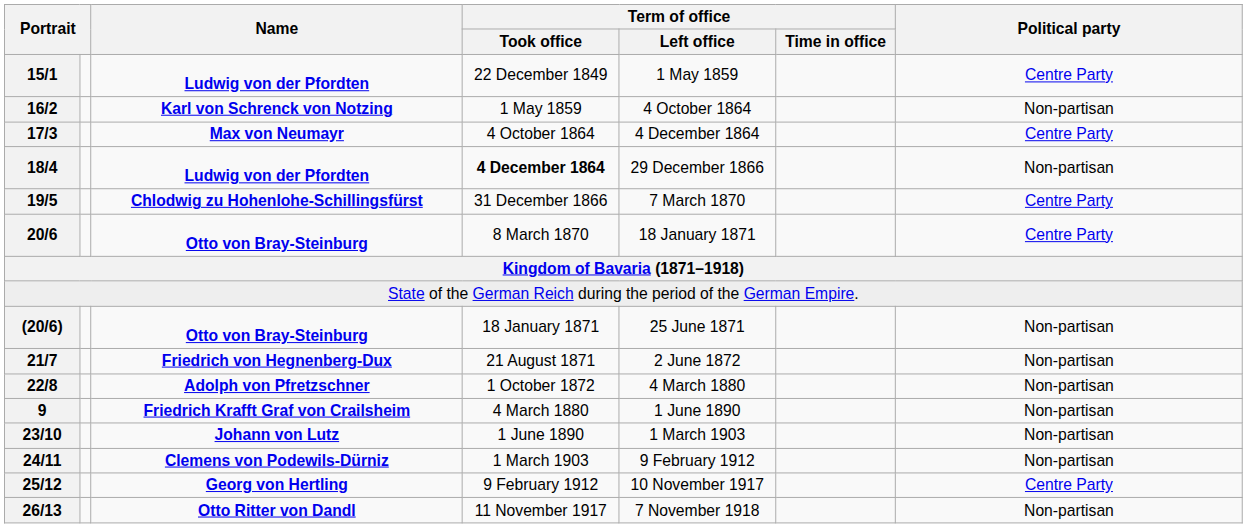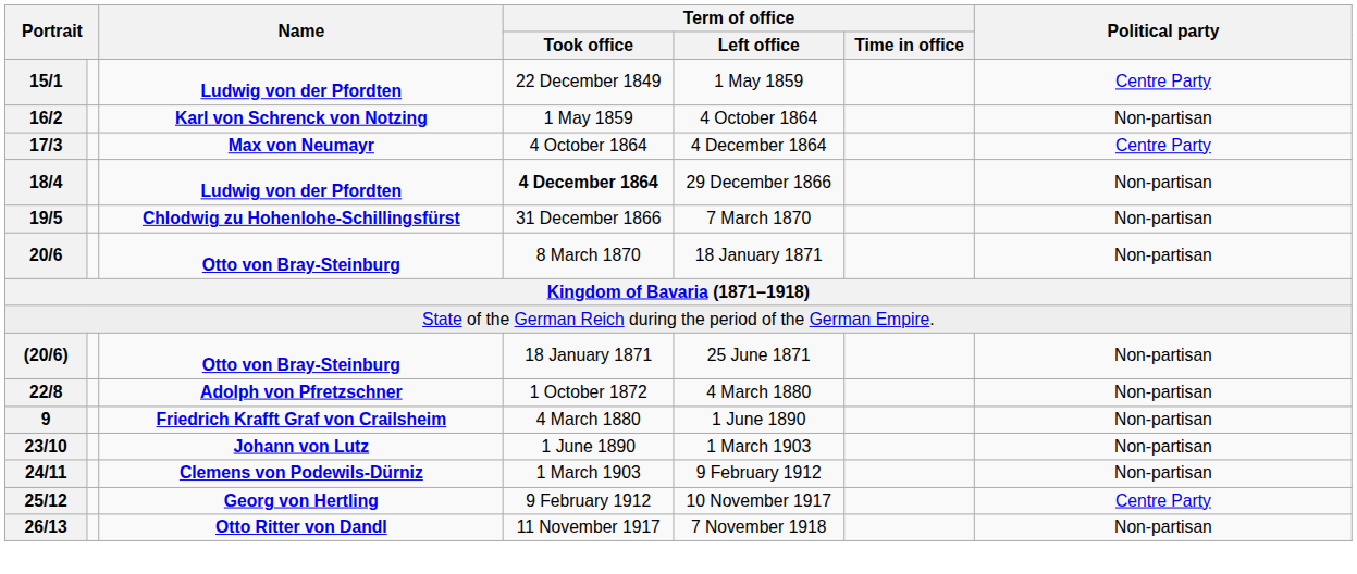 <table class="wikitable" style="text-align:center; width:100%; border:1px #AAAAFF solid">
 <tr>
 <th width=80px rowspan=2 colspan=2>Portrait</th>
 <th width=30% rowspan=2>Name<br></th>
 <th width=35% colspan=3>Term of office</th>
 <th width=28% rowspan=2>Political party</th>
 </tr>
 <tr>
 <th>Took office</th>
 <th>Left office</th>
 <th>Time in office</th>
 </tr>
 <tr>
 <th style="background:">15/1</th>
 <td></td>
 <td><br><strong><a href='#'>Ludwig von der Pfordten</a></strong><br></td>
 <td>22 December 1849</td>
 <td>1 May 1859</td>
 <td></td>
 <td><a href='#'>Centre Party</a></td>
 </tr>
 <tr>
 <th style="background:">16/2</th>
 <td></td>
 <td><strong><a href='#'>Karl von Schrenck von Notzing</a></strong><br></td>
 <td>1 May 1859</td>
 <td>4 October 1864</td>
 <td></td>
 <td>Non-partisan</td>
 </tr>
 <tr>
 <th style="background:">17/3</th>
 <td></td>
 <td><strong><a href='#'>Max von Neumayr</a></strong><br></td>
 <td>4 October 1864</td>
 <td>4 December 1864</td>
 <td></td>
 <td><a href='#'>Centre Party</a></td>
 </tr>
 <tr>
 <th style="background:">18/4</th>
 <td></td>
 <td><br><strong><a href='#'>Ludwig von der Pfordten</a></strong><br></td>
 <td><strong>4 December 1864</strong></td>
 <td>29 December 1866</td>
 <td></td>
 <td>Non-partisan</td>
 </tr>
 <tr>
 <th style="background:">19/5</th>
 <td></td>
 <td><strong><a href='#'>Chlodwig zu Hohenlohe-Schillingsfürst</a></strong><br></td>
 <td>31 December 1866</td>
 <td>7 March 1870</td>
 <td></td>
-<td><a href='#'>Centre Party</a></td>
+<td>Non-partisan</td>
 </tr>
 <tr>
 <th style="background:">20/6</th>
 <td></td>
 <td><br><strong><a href='#'>Otto von Bray-Steinburg</a></strong><br></td>
 <td>8 March 1870</td>
 <td>18 January 1871</td>
 <td></td>
-<td><a href='#'>Centre Party</a></td>
+<td>Non-partisan</td>
 </tr>
 <tr>
 <th colspan="7"><a href='#'>Kingdom of Bavaria</a> (1871–1918)</th>
 </tr>
 <tr>
 <td bgcolor=#EEEEEE colspan=7><a href='#'>State</a> of the <a href='#'>German Reich</a> during the period of the <a href='#'>German Empire</a>.</td>
 </tr>
 <tr>
 <th style="background:">(20/6)</th>
 <td></td>
 <td><br><strong><a href='#'>Otto von Bray-Steinburg</a></strong><br></td>
 <td>18 January 1871</td>
 <td>25 June 1871</td>
-<td></td>
-<td>Non-partisan</td>
-</tr>
-<tr>
-<th style="background:">21/7</th>
-<td></td>
-<td><strong><a href='#'>Friedrich von Hegnenberg-Dux</a></strong><br></td>
-<td>21 August 1871</td>
-<td>2 June 1872</td>
 <td></td>
 <td>Non-partisan</td>
 </tr>
 <tr>
 <th style="background:">22/8</th>
 <td></td>
 <td><strong><a href='#'>Adolph von Pfretzschner</a></strong><br></td>
 <td>1 October 1872</td>
 <td>4 March 1880</td>
 <td></td>
 <td>Non-partisan</td>
 </tr>
 <tr>
 <th style="background:">9</th>
 <td></td>
 <td><strong><a href='#'>Friedrich Krafft Graf von Crailsheim</a></strong><br></td>
 <td>4 March 1880</td>
 <td>1 June 1890</td>
 <td></td>
 <td>Non-partisan</td>
 </tr>
 <tr>
 <th style="background:">23/10</th>
 <td></td>
 <td><strong><a href='#'>Johann von Lutz</a></strong><br></td>
 <td>1 June 1890</td>
 <td>1 March 1903</td>
 <td></td>
 <td>Non-partisan</td>
 </tr>
 <tr>
 <th style="background:">24/11</th>
 <td></td>
 <td><strong><a href='#'>Clemens von Podewils-Dürniz</a></strong><br></td>
 <td>1 March 1903</td>
 <td>9 February 1912</td>
 <td></td>
 <td>Non-partisan</td>
 </tr>
 <tr>
 <th style="background:">25/12</th>
 <td></td>
 <td><strong><a href='#'>Georg von Hertling</a></strong><br></td>
 <td>9 February 1912</td>
 <td>10 November 1917</td>
 <td></td>
 <td><a href='#'>Centre Party</a></td>
 </tr>
 <tr>
 <th style="background:">26/13</th>
 <td></td>
 <td><strong><a href='#'>Otto Ritter von Dandl</a></strong><br></td>
 <td>11 November 1917</td>
 <td>7 November 1918</td>
 <td></td>
 <td>Non-partisan</td>
 </tr>
 </table>
